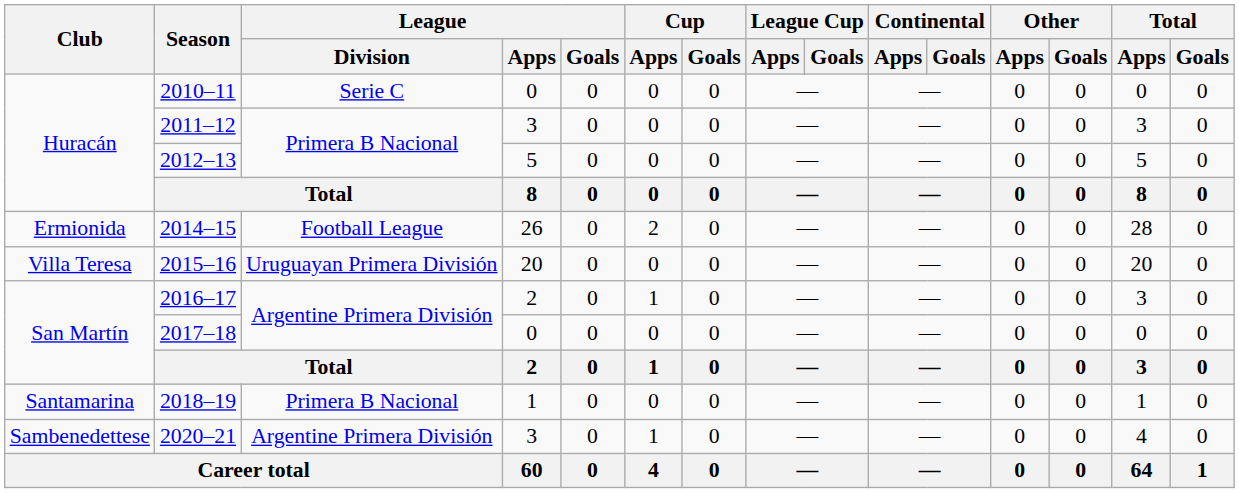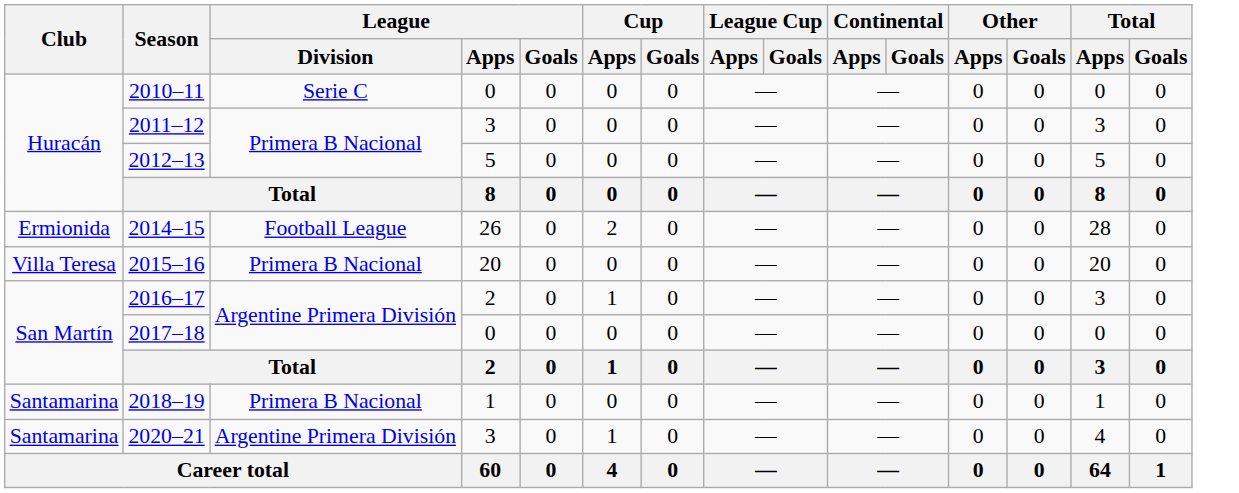 <table class="wikitable" style="text-align:center">
 <tr>
 <th rowspan="2">Club</th>
 <th rowspan="2">Season</th>
 <th colspan="3">League</th>
 <th colspan="2">Cup</th>
 <th colspan="2">League Cup</th>
 <th colspan="2">Continental</th>
 <th colspan="2">Other</th>
 <th colspan="2">Total</th>
 </tr>
 <tr>
 <th>Division</th>
 <th>Apps</th>
 <th>Goals</th>
 <th>Apps</th>
 <th>Goals</th>
 <th>Apps</th>
 <th>Goals</th>
 <th>Apps</th>
 <th>Goals</th>
 <th>Apps</th>
 <th>Goals</th>
 <th>Apps</th>
 <th>Goals</th>
 </tr>
 <tr>
 <td rowspan="4"><a href='#'>Huracán</a></td>
 <td><a href='#'>2010–11</a></td>
 <td rowspan="1"><a href='#'>Serie C</a></td>
 <td>0</td>
 <td>0</td>
 <td>0</td>
 <td>0</td>
 <td colspan="2">—</td>
 <td colspan="2">—</td>
 <td>0</td>
 <td>0</td>
 <td>0</td>
 <td>0</td>
 </tr>
 <tr>
 <td><a href='#'>2011–12</a></td>
 <td rowspan="2"><a href='#'>Primera B Nacional</a></td>
 <td>3</td>
 <td>0</td>
 <td>0</td>
 <td>0</td>
 <td colspan="2">—</td>
 <td colspan="2">—</td>
 <td>0</td>
 <td>0</td>
 <td>3</td>
 <td>0</td>
 </tr>
 <tr>
 <td><a href='#'>2012–13</a></td>
 <td>5</td>
 <td>0</td>
 <td>0</td>
 <td>0</td>
 <td colspan="2">—</td>
 <td colspan="2">—</td>
 <td>0</td>
 <td>0</td>
 <td>5</td>
 <td>0</td>
 </tr>
 <tr>
 <th colspan="2">Total</th>
 <th>8</th>
 <th>0</th>
 <th>0</th>
 <th>0</th>
 <th colspan="2">—</th>
 <th colspan="2">—</th>
 <th>0</th>
 <th>0</th>
 <th>8</th>
 <th>0</th>
 </tr>
 <tr>
 <td rowspan="1"><a href='#'>Ermionida</a></td>
 <td><a href='#'>2014–15</a></td>
 <td rowspan="1"><a href='#'>Football League</a></td>
 <td>26</td>
 <td>0</td>
 <td>2</td>
 <td>0</td>
 <td colspan="2">—</td>
 <td colspan="2">—</td>
 <td>0</td>
 <td>0</td>
 <td>28</td>
 <td>0</td>
 </tr>
 <tr>
 <td rowspan="1"><a href='#'>Villa Teresa</a></td>
 <td><a href='#'>2015–16</a></td>
-<td rowspan="1"><a href='#'>Uruguayan Primera División</a></td>
+<td rowspan="1"><a href='#'>Primera B Nacional</a></td>
 <td>20</td>
 <td>0</td>
 <td>0</td>
 <td>0</td>
 <td colspan="2">—</td>
 <td colspan="2">—</td>
 <td>0</td>
 <td>0</td>
 <td>20</td>
 <td>0</td>
 </tr>
 <tr>
 <td rowspan="3"><a href='#'>San Martín</a></td>
 <td><a href='#'>2016–17</a></td>
 <td rowspan="2"><a href='#'>Argentine Primera División</a></td>
 <td>2</td>
 <td>0</td>
 <td>1</td>
 <td>0</td>
 <td colspan="2">—</td>
 <td colspan="2">—</td>
 <td>0</td>
 <td>0</td>
 <td>3</td>
 <td>0</td>
 </tr>
 <tr>
 <td><a href='#'>2017–18</a></td>
 <td>0</td>
 <td>0</td>
 <td>0</td>
 <td>0</td>
 <td colspan="2">—</td>
 <td colspan="2">—</td>
 <td>0</td>
 <td>0</td>
 <td>0</td>
 <td>0</td>
 </tr>
 <tr>
 <th colspan="2">Total</th>
 <th>2</th>
 <th>0</th>
 <th>1</th>
 <th>0</th>
 <th colspan="2">—</th>
 <th colspan="2">—</th>
 <th>0</th>
 <th>0</th>
 <th>3</th>
 <th>0</th>
 </tr>
 <tr>
 <td rowspan="1"><a href='#'>Santamarina</a></td>
 <td><a href='#'>2018–19</a></td>
 <td rowspan="1"><a href='#'>Primera B Nacional</a></td>
 <td>1</td>
 <td>0</td>
 <td>0</td>
 <td>0</td>
 <td colspan="2">—</td>
 <td colspan="2">—</td>
 <td>0</td>
 <td>0</td>
 <td>1</td>
 <td>0</td>
 </tr>
 <tr>
-<td rowspan="1"><a href='#'>Sambenedettese</a></td>
+<td rowspan="1"><a href='#'>Santamarina</a></td>
 <td><a href='#'>2020–21</a></td>
 <td rowspan="1"><a href='#'>Argentine Primera División</a></td>
 <td>3</td>
 <td>0</td>
 <td>1</td>
 <td>0</td>
 <td colspan="2">—</td>
 <td colspan="2">—</td>
 <td>0</td>
 <td>0</td>
 <td>4</td>
 <td>0</td>
 </tr>
 <tr>
 <th colspan="3">Career total</th>
 <th>60</th>
 <th>0</th>
 <th>4</th>
 <th>0</th>
 <th colspan="2">—</th>
 <th colspan="2">—</th>
 <th>0</th>
 <th>0</th>
 <th>64</th>
 <th>1</th>
 </tr>
 </table>
